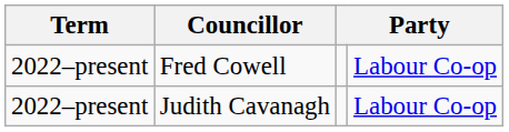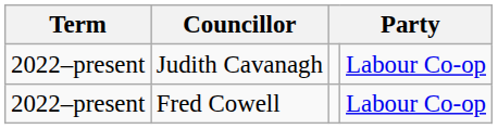 <table class="wikitable">
 <tr>
 <th>Term</th>
 <th>Councillor</th>
 <th colspan="2">Party</th>
 </tr>
 <tr>
 <td>2022–present</td>
-<td>Fred Cowell</td>
+<td>Judith Cavanagh</td>
 <td rowspan="1;" style="background-color: "></td>
 <td rowspan="1"><a href='#'>Labour Co-op</a></td>
 </tr>
 <tr>
 <td>2022–present</td>
-<td>Judith Cavanagh</td>
+<td>Fred Cowell</td>
 <td rowspan="1;" style="background-color: "></td>
 <td rowspan="1"><a href='#'>Labour Co-op</a></td>
 </tr>
 </table>
